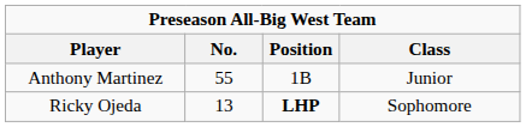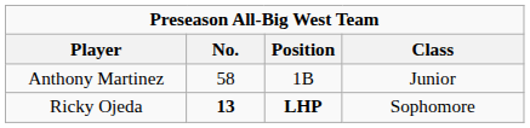 <table class="wikitable" style="text-align:center">
 <tr>
 <td colspan="4"><strong>Preseason All-Big West Team</strong></td>
 </tr>
 <tr>
 <th style="width:150px; ">Player</th>
 <th style="width:60px; ">No.</th>
 <th style="width:60px; ">Position</th>
 <th style="width:150px; ">Class</th>
 </tr>
 <tr>
 <td>Anthony Martinez</td>
-<td>55</td>
+<td>58</td>
 <td>1B</td>
 <td>Junior</td>
 </tr>
 <tr>
 <td>Ricky Ojeda</td>
-<td>13</td>
+<td><strong>13</strong></td>
 <td><strong>LHP</strong></td>
 <td>Sophomore</td>
 </tr>
 </table>
